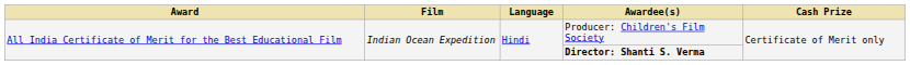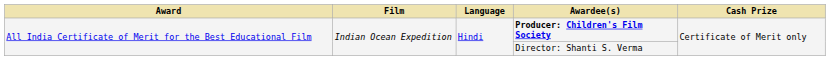 <table class="wikitable sortable" style="width:100%">
 <tr>
 <th style="background-color:#EFE4B0;width:40%;">Award</th>
 <th style="background-color:#EFE4B0;width:15%;">Film</th>
 <th style="background-color:#EFE4B0;width:7%;">Language</th>
 <th style="background-color:#EFE4B0;width:20%;">Awardee(s)</th>
 <th style="background-color:#EFE4B0;width:18%;">Cash Prize</th>
 </tr>
 <tr style="background-color:#F4F4F4">
 <td rowspan="2"><a href='#'>All India Certificate of Merit for the Best Educational Film</a></td>
 <td rowspan="2"><em>Indian Ocean Expedition</em></td>
 <td rowspan="2"><a href='#'>Hindi</a></td>
-<td>Producer: <a href='#'>Children's Film Society</a></td>
+<td><strong>Producer: <a href='#'>Children's Film Society</a></strong></td>
 <td rowspan="2">Certificate of Merit only</td>
 </tr>
 <tr style="background-color:#F4F4F4">
-<td><strong>Director: Shanti S. Verma</strong></td>
+<td>Director: Shanti S. Verma</td>
 </tr>
 </table>
